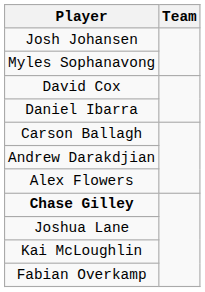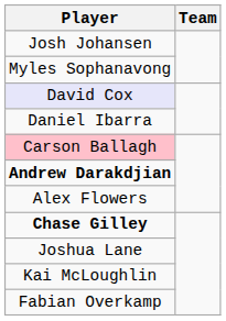 <table class="wikitable" style="text-align: center;">
 <tr>
 <th>Player</th>
 <th>Team</th>
 </tr>
 <tr>
 <td>Josh Johansen</td>
 <td rowspan=2></td>
 </tr>
 <tr>
 <td>Myles Sophanavong</td>
 </tr>
 <tr>
-<td>David Cox</td>
+<td style="background: lavender;">David Cox</td>
 <td rowspan=2></td>
 </tr>
 <tr>
 <td>Daniel Ibarra</td>
 </tr>
 <tr>
-<td>Carson Ballagh</td>
+<td style="background: pink;">Carson Ballagh</td>
 <td rowspan=3></td>
 </tr>
 <tr>
-<td>Andrew Darakdjian</td>
+<td><strong>Andrew Darakdjian</strong></td>
 </tr>
 <tr>
 <td>Alex Flowers</td>
 </tr>
 <tr>
 <td><strong>Chase Gilley</strong></td>
 <td rowspan=4></td>
 </tr>
 <tr>
 <td>Joshua Lane</td>
 </tr>
 <tr>
 <td>Kai McLoughlin</td>
 </tr>
 <tr>
 <td>Fabian Overkamp</td>
 </tr>
 </table>
